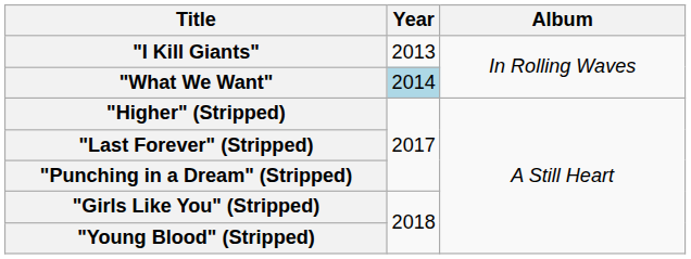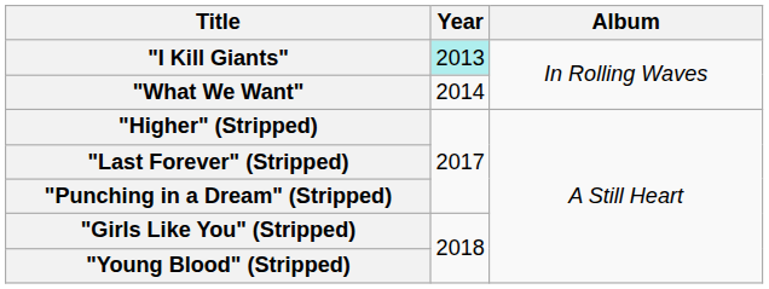 <table class="wikitable plainrowheaders" style="text-align:center;">
 <tr>
 <th scope="col" style="width:19em;">Title</th>
 <th scope="col">Year</th>
 <th scope="col" style="width:12em;">Album</th>
 </tr>
 <tr>
 <th scope="row">"I Kill Giants"</th>
-<td>2013</td>
+<td style="background: paleturquoise;">2013</td>
 <td rowspan="2"><em>In Rolling Waves</em></td>
 </tr>
 <tr>
 <th scope="row">"What We Want"</th>
-<td style="background: lightblue;">2014</td>
+<td>2014</td>
 </tr>
 <tr>
 <th scope="row">"Higher" (Stripped)</th>
 <td rowspan="3">2017</td>
 <td rowspan="5"><em>A Still Heart</em></td>
 </tr>
 <tr>
 <th scope="row">"Last Forever" (Stripped)</th>
 </tr>
 <tr>
 <th scope="row">"Punching in a Dream" (Stripped)</th>
 </tr>
 <tr>
 <th scope="row">"Girls Like You" (Stripped)</th>
 <td rowspan="2">2018</td>
 </tr>
 <tr>
 <th scope="row">"Young Blood" (Stripped)</th>
 </tr>
 </table>
